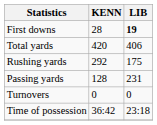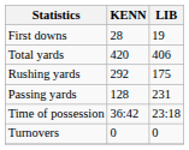 <table class="wikitable">
 <tr>
 <th>Statistics</th>
 <th>KENN</th>
 <th>LIB</th>
 </tr>
 <tr>
 <td>First downs</td>
 <td>28</td>
-<td><strong>19</strong></td>
+<td>19</td>
 </tr>
 <tr>
 <td>Total yards</td>
 <td>420</td>
 <td>406</td>
 </tr>
 <tr>
 <td>Rushing yards</td>
 <td>292</td>
 <td>175</td>
 </tr>
 <tr>
 <td>Passing yards</td>
 <td>128</td>
 <td>231</td>
 </tr>
 <tr>
+<td>Time of possession</td>
+<td>36:42</td>
+<td>23:18</td>
+</tr>
+<tr>
 <td>Turnovers</td>
 <td>0</td>
 <td>0</td>
 </tr>
 <tr>
-<td>Time of possession</td>
-<td>36:42</td>
-<td>23:18</td>
-</tr>
-<tr>
 </tr>
 </table>
